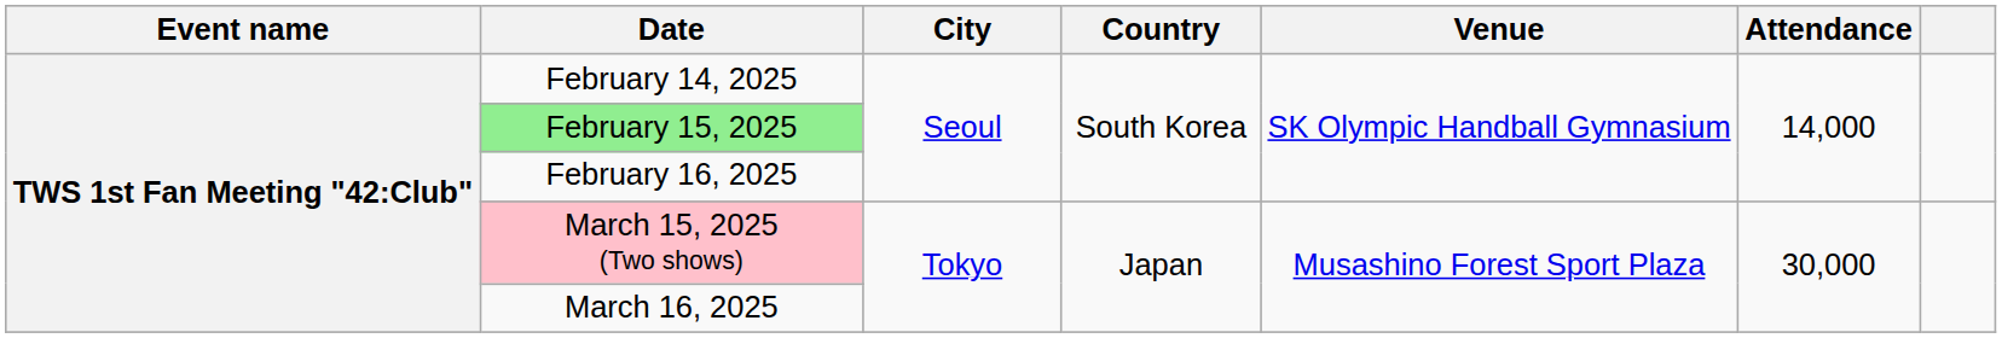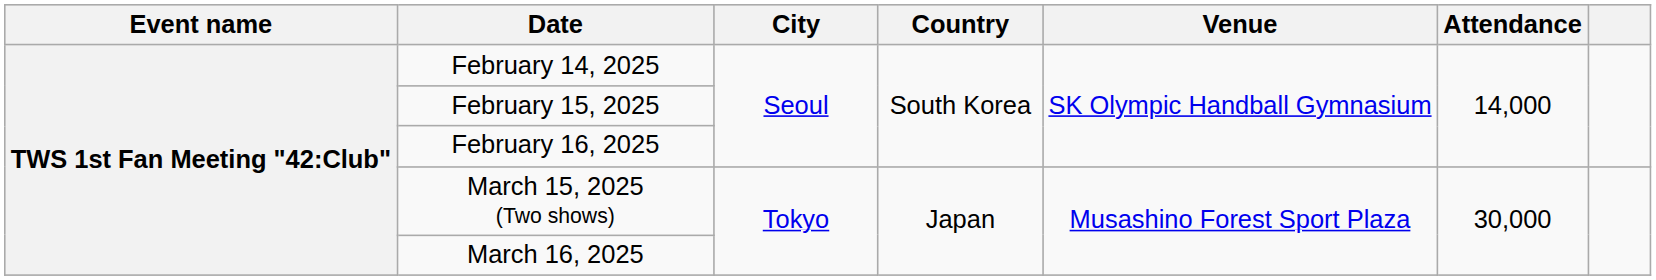 <table class="wikitable plainrowheaders" style="text-align:center;">
 <tr>
 <th scope="col">Event name</th>
 <th scope="col" style="width:12em;">Date</th>
 <th scope="col" style="width:6em;">City</th>
 <th scope="col" style="width:6em;">Country</th>
 <th scope="col">Venue</th>
 <th scope="col">Attendance</th>
 <th scope="col" style="width:2em;"></th>
 </tr>
 <tr>
 <th rowspan="5" scope="rowgroup">TWS 1st Fan Meeting "42:Club"</th>
 <td>February 14, 2025</td>
 <td rowspan="3"><a href='#'>Seoul</a></td>
 <td rowspan="3">South Korea</td>
 <td rowspan="3"><a href='#'>SK Olympic Handball Gymnasium</a></td>
 <td rowspan="3">14,000</td>
 <td rowspan="3"></td>
 </tr>
 <tr>
-<td style="background: lightgreen;">February 15, 2025</td>
+<td>February 15, 2025</td>
 </tr>
 <tr>
 <td>February 16, 2025</td>
 </tr>
 <tr>
-<td style="background: pink;">March 15, 2025<br><small>(Two shows)</small></td>
+<td>March 15, 2025<br><small>(Two shows)</small></td>
 <td rowspan="2"><a href='#'>Tokyo</a></td>
 <td rowspan="2">Japan</td>
 <td rowspan="2"><a href='#'>Musashino Forest Sport Plaza</a></td>
 <td rowspan="2">30,000</td>
 <td rowspan="2"></td>
 </tr>
 <tr>
 <td>March 16, 2025</td>
 </tr>
 </table>
